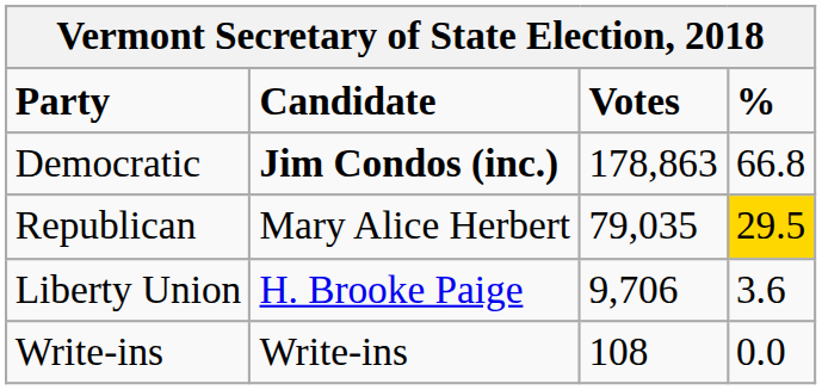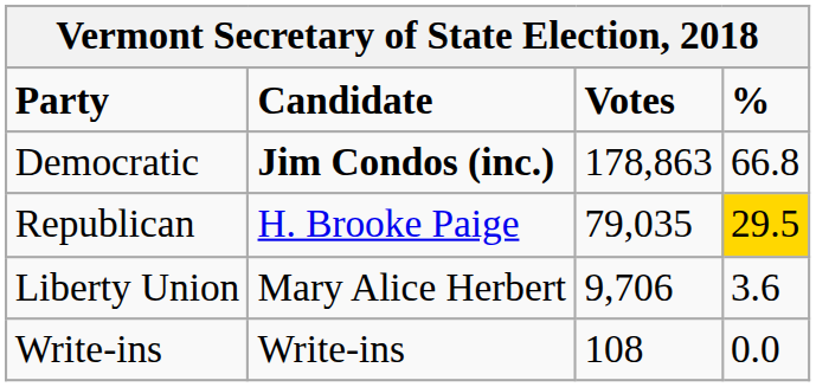 <table class="wikitable">
 <tr>
 <th colspan="4">Vermont Secretary of State Election, 2018</th>
 </tr>
 <tr>
 <td><strong>Party</strong></td>
 <td><strong>Candidate</strong></td>
 <td><strong>Votes</strong></td>
 <td><strong>%</strong></td>
 </tr>
 <tr>
 <td>Democratic</td>
 <td><strong>Jim Condos (inc.)</strong></td>
 <td>178,863</td>
 <td>66.8</td>
 </tr>
 <tr>
 <td>Republican</td>
-<td>Mary Alice Herbert</td>
+<td><a href='#'>H. Brooke Paige</a></td>
 <td>79,035</td>
 <td style="background: gold;">29.5</td>
 </tr>
 <tr>
 <td>Liberty Union</td>
-<td><a href='#'>H. Brooke Paige</a></td>
+<td>Mary Alice Herbert</td>
 <td>9,706</td>
 <td>3.6</td>
 </tr>
 <tr>
 <td>Write-ins</td>
 <td>Write-ins</td>
 <td>108</td>
 <td>0.0</td>
 </tr>
 </table>
